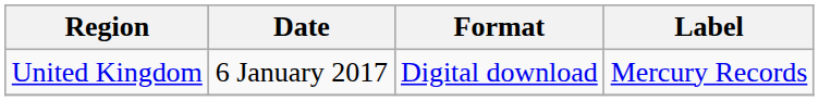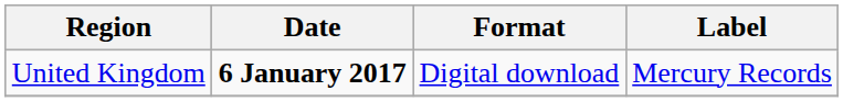 <table class=wikitable>
 <tr>
 <th>Region</th>
 <th>Date</th>
 <th>Format</th>
 <th>Label</th>
 </tr>
 <tr>
 <td><a href='#'>United Kingdom</a></td>
-<td>6 January 2017</td>
+<td><strong>6 January 2017</strong></td>
 <td><a href='#'>Digital download</a></td>
 <td><a href='#'>Mercury Records</a></td>
 </tr>
 <tr>
 </tr>
 </table>
